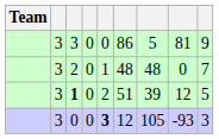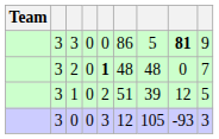 <table class="wikitable" style="text-align: center;">
 <tr>
 <th>Team</th>
 <th></th>
 <th></th>
 <th></th>
 <th></th>
 <th></th>
 <th></th>
 <th></th>
 <th></th>
 </tr>
 <tr bgcolor="ccffcc">
 <td align="left"></td>
 <td>3</td>
 <td>3</td>
 <td>0</td>
 <td>0</td>
 <td>86</td>
 <td>5</td>
-<td>81</td>
+<td><strong>81</strong></td>
 <td>9</td>
 </tr>
 <tr bgcolor="ccffcc">
 <td align="left"></td>
 <td>3</td>
 <td>2</td>
 <td>0</td>
-<td>1</td>
+<td><strong>1</strong></td>
 <td>48</td>
 <td>48</td>
 <td>0</td>
 <td>7</td>
 </tr>
 <tr bgcolor="ccffcc">
 <td align="left"></td>
 <td>3</td>
-<td><strong>1</strong></td>
+<td>1</td>
 <td>0</td>
 <td>2</td>
 <td>51</td>
 <td>39</td>
 <td>12</td>
 <td>5</td>
 </tr>
 <tr bgcolor="ccccff">
 <td align="left"></td>
 <td>3</td>
 <td>0</td>
 <td>0</td>
-<td><strong>3</strong></td>
+<td>3</td>
 <td>12</td>
 <td>105</td>
 <td>-93</td>
 <td>3</td>
 </tr>
 </table>
